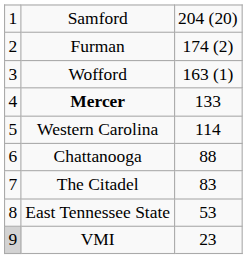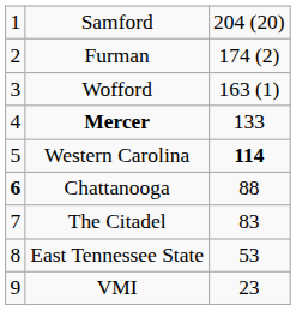 <table class="wikitable" style="display: inline-table;">
 <tr align="center">
 <td>1</td>
 <td>Samford</td>
 <td>204 (20)</td>
 </tr>
 <tr align="center">
 <td>2</td>
 <td>Furman</td>
 <td>174 (2)</td>
 </tr>
 <tr align="center">
 <td>3</td>
 <td>Wofford</td>
 <td>163 (1)</td>
 </tr>
 <tr align="center">
 <td>4</td>
 <td><strong>Mercer</strong></td>
 <td>133</td>
 </tr>
 <tr align="center">
 <td>5</td>
 <td>Western Carolina</td>
-<td>114</td>
+<td><strong>114</strong></td>
 </tr>
 <tr align="center">
-<td>6</td>
+<td><strong>6</strong></td>
 <td>Chattanooga</td>
 <td>88</td>
 </tr>
 <tr align="center">
 <td>7</td>
 <td>The Citadel</td>
 <td>83</td>
 </tr>
 <tr align="center">
 <td>8</td>
 <td>East Tennessee State</td>
 <td>53</td>
 </tr>
 <tr align="center">
-<td style="background: lightgrey;">9</td>
+<td>9</td>
 <td>VMI</td>
 <td>23</td>
 </tr>
 </table>
